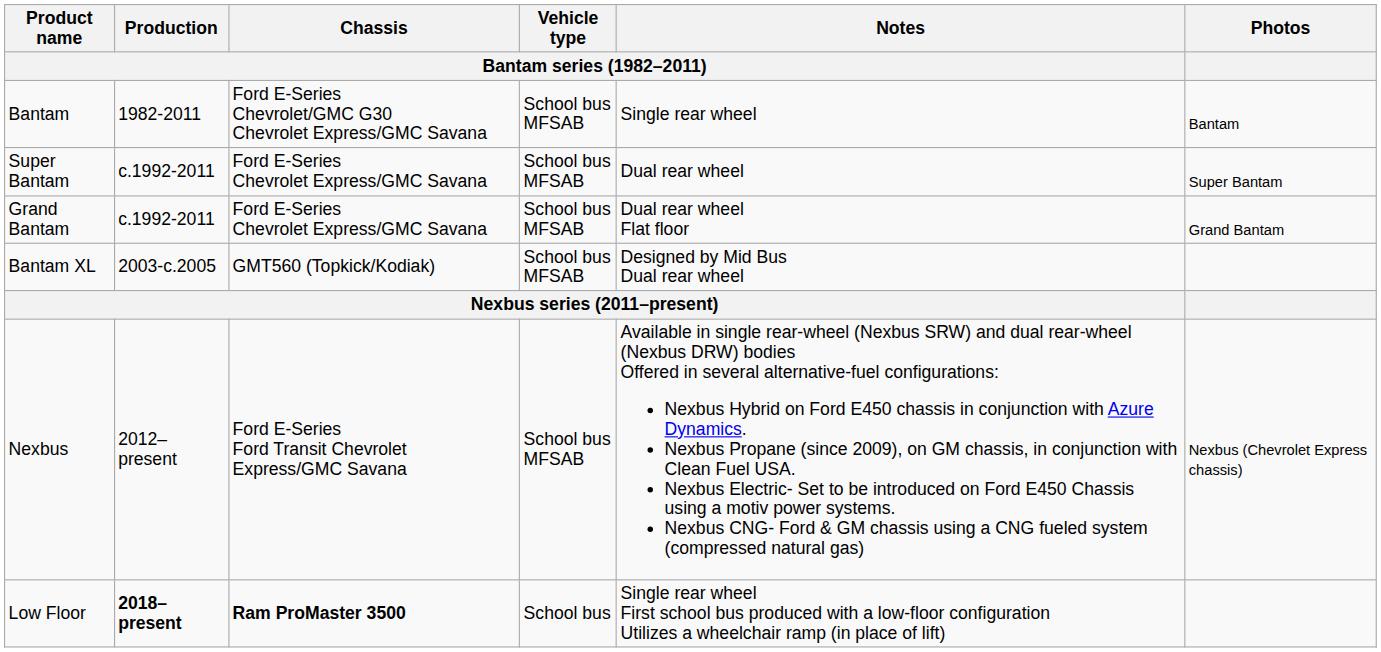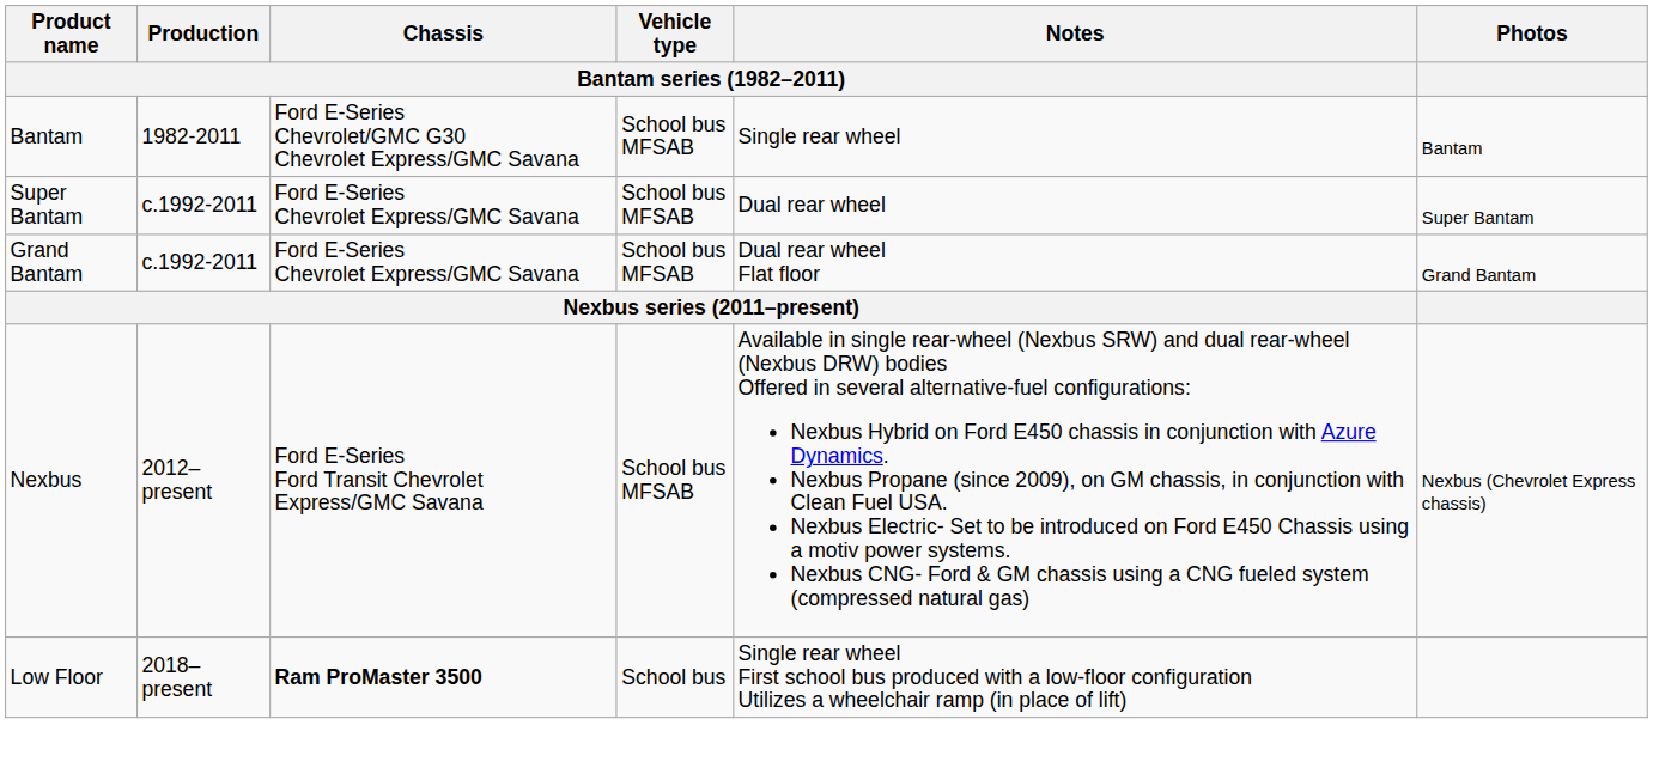 <table class="wikitable">
 <tr>
 <th>Product name</th>
 <th>Production</th>
 <th>Chassis</th>
 <th>Vehicle type</th>
 <th>Notes</th>
 <th>Photos</th>
 </tr>
 <tr>
 <th colspan="5">Bantam series (1982–2011)</th>
 <th></th>
 </tr>
 <tr>
 <td>Bantam</td>
 <td>1982-2011</td>
 <td>Ford E-Series<br>Chevrolet/GMC G30<br>Chevrolet Express/GMC Savana</td>
 <td>School bus<br>MFSAB</td>
 <td>Single rear wheel</td>
 <td><br><small>Bantam</small></td>
 </tr>
 <tr>
 <td>Super Bantam</td>
 <td>c.1992-2011</td>
 <td>Ford E-Series<br>Chevrolet Express/GMC Savana</td>
 <td>School bus<br>MFSAB</td>
 <td>Dual rear wheel</td>
 <td><br><small>Super Bantam</small></td>
 </tr>
 <tr>
 <td>Grand Bantam</td>
 <td>c.1992-2011</td>
 <td>Ford E-Series<br>Chevrolet Express/GMC Savana</td>
 <td>School bus<br>MFSAB</td>
 <td>Dual rear wheel<br>Flat floor</td>
 <td><br><small>Grand Bantam</small></td>
 </tr>
 <tr>
-<td>Bantam XL</td>
-<td>2003-c.2005</td>
-<td>GMT560 (Topkick/Kodiak)</td>
-<td>School bus<br>MFSAB</td>
-<td>Designed by Mid Bus<br>Dual rear wheel</td>
-<td></td>
-</tr>
-<tr>
 <th colspan="5">Nexbus series (2011–present)</th>
 <th></th>
 </tr>
 <tr>
 <td>Nexbus</td>
 <td>2012–present</td>
 <td>Ford E-Series<br>Ford Transit Chevrolet Express/GMC Savana</td>
 <td>School bus<br>MFSAB</td>
 <td>Available in single rear-wheel (Nexbus SRW) and dual rear-wheel (Nexbus DRW) bodies<br>Offered in several alternative-fuel configurations:<ul><li>Nexbus Hybrid on Ford E450 chassis in conjunction with <a href='#'>Azure Dynamics</a>.</li><li>Nexbus Propane (since 2009), on GM chassis, in conjunction with Clean Fuel USA.</li><li>Nexbus Electric- Set to be introduced on Ford E450 Chassis using a motiv power systems.</li><li>Nexbus CNG- Ford & GM chassis using a CNG fueled system (compressed natural gas)</li></ul></td>
 <td><br><small>Nexbus (Chevrolet Express chassis)</small></td>
 </tr>
 <tr>
 <td>Low Floor</td>
-<td><strong>2018–present</strong></td>
+<td>2018–present</td>
 <td><strong>Ram ProMaster 3500</strong></td>
 <td>School bus</td>
 <td>Single rear wheel<br>First school bus produced with a low-floor configuration <br> Utilizes a wheelchair ramp (in place of lift)</td>
 <td></td>
 </tr>
 </table>
